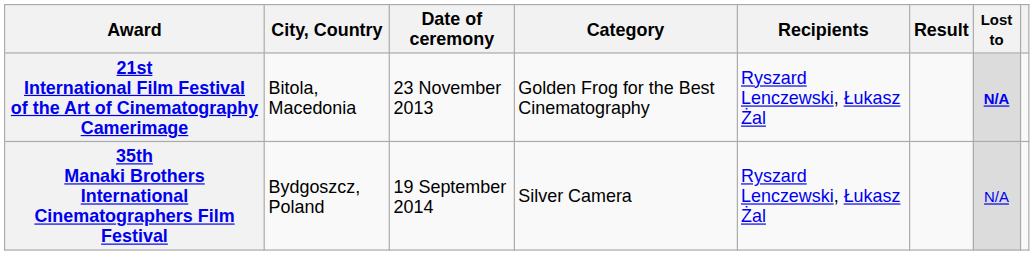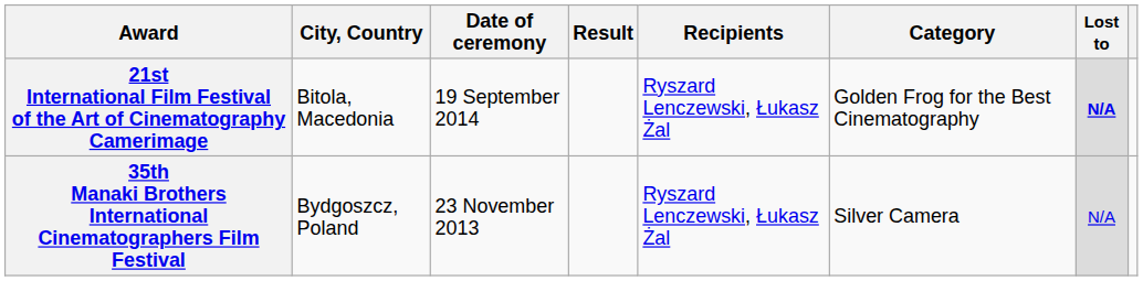 <table class="wikitable plainrowheaders sortable" style="font-size: 95%;">
 <tr>
 <th scope="col">Award</th>
 <th scope="col">City, Country</th>
 <th scope="col">Date of ceremony</th>
+<th scope="col">Result</th>
+<th scope="col">Recipients</th>
 <th scope="col">Category</th>
-<th scope="col">Recipients</th>
-<th scope="col">Result</th>
 <th scope="col"><small>Lost to</small></th>
 <th scope="col" class="unsortable"></th>
 </tr>
 <tr>
 <th scope="row"><a href='#'>21st <br>International Film Festival <br>of the Art of Cinematography <br>Camerimage</a></th>
 <td scope="row">Bitola, Macedonia</td>
-<td scope="row">23 November 2013</td>
+<td scope="row">19 September 2014</td>
+<td></td>
+<td><a href='#'>Ryszard Lenczewski</a>, <a href='#'>Łukasz Żal</a></td>
 <td>Golden Frog for the Best Cinematography</td>
-<td><a href='#'>Ryszard Lenczewski</a>, <a href='#'>Łukasz Żal</a></td>
-<td></td>
 <td style="background:#dcdcdc; text-align:center;"><strong><small><a href='#'>N/A</a></small></strong></td>
 <td style="text-align:center;"></td>
 </tr>
 <tr>
 <th scope="row"><a href='#'>35th <br>Manaki Brothers <br>International Cinematographers Film Festival</a></th>
 <td scope="row">Bydgoszcz, Poland</td>
-<td scope="row">19 September 2014</td>
+<td scope="row">23 November 2013</td>
+<td></td>
+<td><a href='#'>Ryszard Lenczewski</a>, <a href='#'>Łukasz Żal</a></td>
 <td>Silver Camera</td>
-<td><a href='#'>Ryszard Lenczewski</a>, <a href='#'>Łukasz Żal</a></td>
-<td></td>
 <td style="background:#dcdcdc; text-align:center;"><small><a href='#'>N/A</a></small></td>
 <td style="text-align:center;"></td>
 </tr>
 </table>
